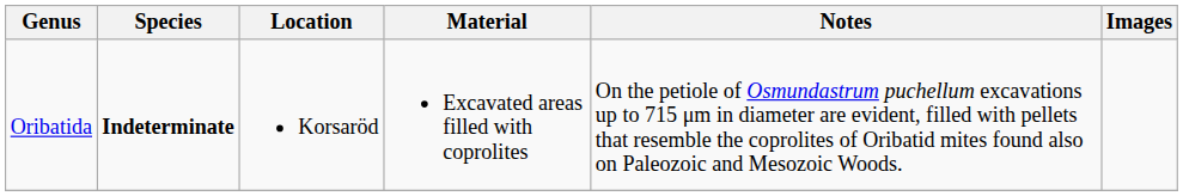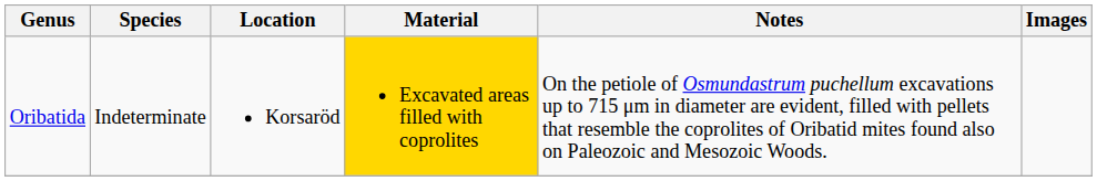 <table class="wikitable sortable">
 <tr>
 <th>Genus</th>
 <th>Species</th>
 <th>Location</th>
 <th>Material</th>
 <th>Notes</th>
 <th>Images</th>
 </tr>
 <tr>
 <td><br><a href='#'>Oribatida</a></td>
-<td><strong><br>Indeterminate</strong></td>
+<td><br>Indeterminate</td>
 <td><br><ul><li>Korsaröd</li></ul></td>
-<td><br><ul><li>Excavated areas filled with coprolites</li></ul></td>
+<td style="background: gold;"><br><ul><li>Excavated areas filled with coprolites</li></ul></td>
 <td><br>On the petiole  of <em><a href='#'>Osmundastrum</a> puchellum</em> excavations up to 715 μm in diameter are evident, filled with pellets that resemble the coprolites of Oribatid mites found also on Paleozoic and Mesozoic Woods.</td>
 <td><br></td>
 </tr>
 <tr>
 </tr>
 </table>
